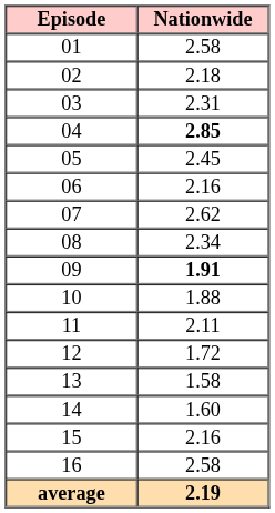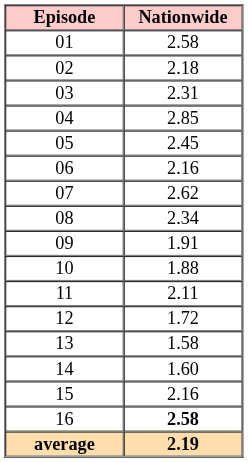 <table border="1" cellpadding="1" cellspacing="0">
 <tr>
 <th width=100 bgcolor="#FFCCCC">Episode</th>
 <th width=100 bgcolor="#FFCCCC">Nationwide</th>
 </tr>
 <tr align="center">
 <td>01</td>
 <td>2.58</td>
 </tr>
 <tr align="center">
 <td>02</td>
 <td>2.18</td>
 </tr>
 <tr align="center">
 <td>03</td>
 <td>2.31</td>
 </tr>
 <tr align="center">
 <td>04</td>
-<td><strong>2.85</strong></td>
+<td>2.85</td>
 </tr>
 <tr align="center">
 <td>05</td>
 <td>2.45</td>
 </tr>
 <tr align="center">
 <td>06</td>
 <td>2.16</td>
 </tr>
 <tr align="center">
 <td>07</td>
 <td>2.62</td>
 </tr>
 <tr align="center">
 <td>08</td>
 <td>2.34</td>
 </tr>
 <tr align="center">
 <td>09</td>
-<td><strong>1.91</strong></td>
+<td>1.91</td>
 </tr>
 <tr align="center">
 <td>10</td>
 <td>1.88</td>
 </tr>
 <tr align="center">
 <td>11</td>
 <td>2.11</td>
 </tr>
 <tr align="center">
 <td>12</td>
 <td>1.72</td>
 </tr>
 <tr align="center">
 <td>13</td>
 <td>1.58</td>
 </tr>
 <tr align="center">
 <td>14</td>
 <td>1.60</td>
 </tr>
 <tr align="center">
 <td>15</td>
 <td>2.16</td>
 </tr>
 <tr align="center">
 <td>16</td>
-<td>2.58</td>
+<td><strong>2.58</strong></td>
 </tr>
 <tr align="center" style="background:#ffdead;">
 <th>average</th>
 <th>2.19</th>
 </tr>
 </table>
